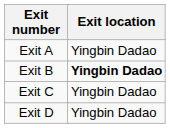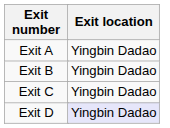 <table class="wikitable">
 <tr>
 <th style="width:70px" colspan="2">Exit number</th>
 <th>Exit location</th>
 </tr>
 <tr>
 <td align="center" colspan="2">Exit A</td>
 <td>Yingbin Dadao</td>
 </tr>
 <tr>
 <td align="center" colspan="2">Exit B</td>
-<td><strong>Yingbin Dadao</strong></td>
+<td>Yingbin Dadao</td>
 </tr>
 <tr>
 <td align="center" colspan="2">Exit C</td>
 <td>Yingbin Dadao</td>
 </tr>
 <tr>
 <td align="center" colspan="2">Exit D</td>
-<td>Yingbin Dadao</td>
+<td style="background: lavender;">Yingbin Dadao</td>
 </tr>
 </table>
